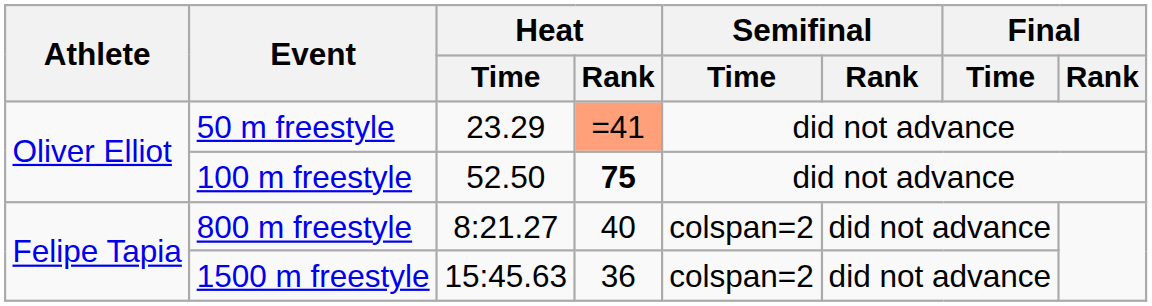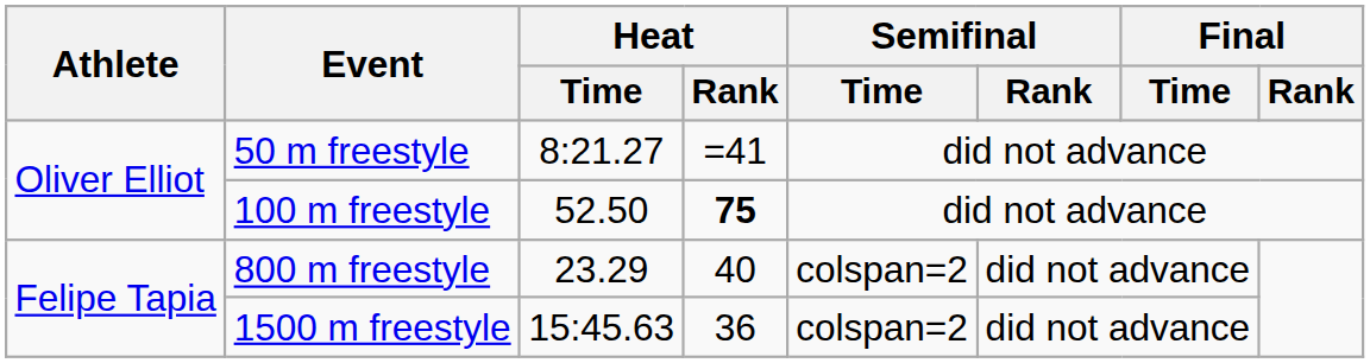 <table class=wikitable style="font-size:90%">
 <tr>
 <th rowspan="2">Athlete</th>
 <th rowspan="2">Event</th>
 <th colspan="2">Heat</th>
 <th colspan="2">Semifinal</th>
 <th colspan="2">Final</th>
 </tr>
 <tr style="font-size:95%">
 <th>Time</th>
 <th>Rank</th>
 <th>Time</th>
 <th>Rank</th>
 <th>Time</th>
 <th>Rank</th>
 </tr>
 <tr align=center>
 <td align=left rowspan=2><a href='#'>Oliver Elliot</a></td>
 <td align=left><a href='#'>50 m freestyle</a></td>
-<td>23.29</td>
-<td style="background: lightsalmon;">=41</td>
+<td>8:21.27</td>
+<td>=41</td>
 <td colspan=4>did not advance</td>
 </tr>
 <tr align=center>
 <td align=left><a href='#'>100 m freestyle</a></td>
 <td>52.50</td>
 <td><strong>75</strong></td>
 <td colspan=4>did not advance</td>
 </tr>
 <tr align=center>
 <td align=left rowspan=2><a href='#'>Felipe Tapia</a></td>
 <td align=left><a href='#'>800 m freestyle</a></td>
-<td>8:21.27</td>
+<td>23.29</td>
 <td>40</td>
 <td>colspan=2 </td>
 <td colspan=2>did not advance</td>
 </tr>
 <tr align=center>
 <td align=left><a href='#'>1500 m freestyle</a></td>
 <td>15:45.63</td>
 <td>36</td>
 <td>colspan=2 </td>
 <td colspan=2>did not advance</td>
 </tr>
 </table>
